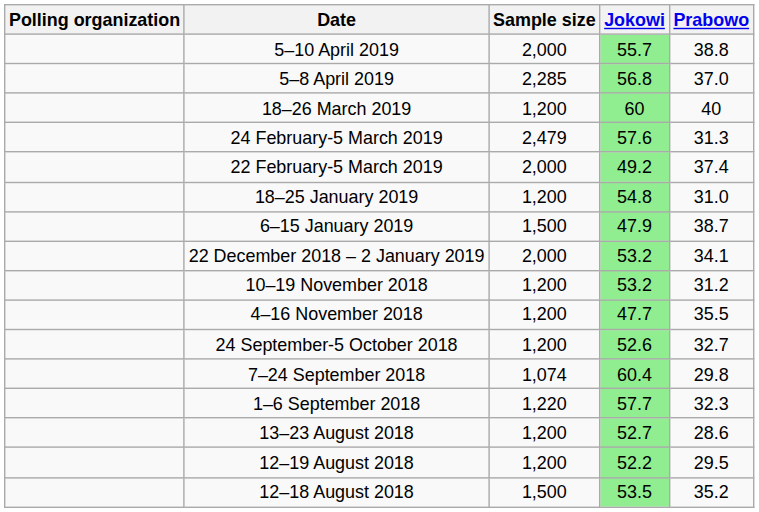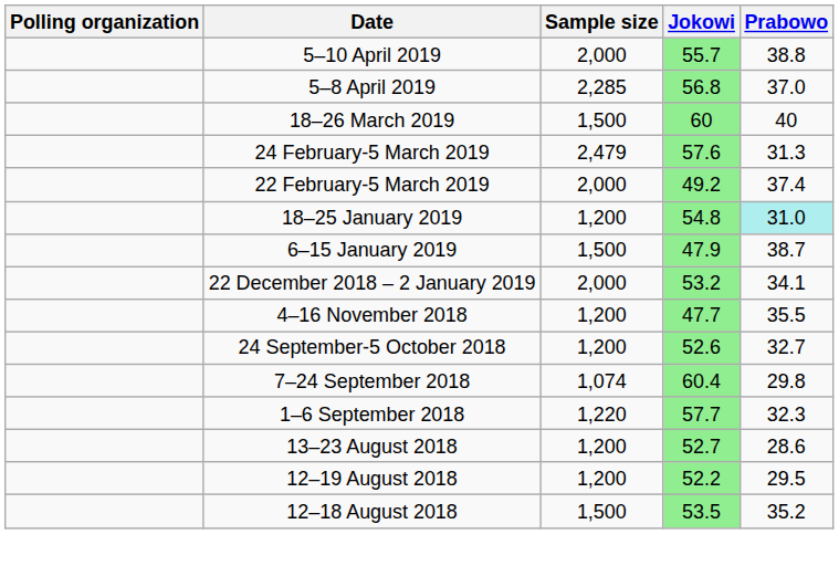 <table class="wikitable" style="text-align: center; font-size: 80%">
 <tr>
 <th>Polling organization</th>
 <th>Date</th>
 <th>Sample size</th>
 <th><a href='#'>Jokowi</a></th>
 <th><a href='#'>Prabowo</a></th>
 </tr>
 <tr>
 <td></td>
 <td>5–10 April 2019</td>
 <td>2,000</td>
 <td bgcolor="#90EE90">55.7</td>
 <td>38.8</td>
 </tr>
 <tr>
 <td></td>
 <td>5–8 April 2019</td>
 <td>2,285</td>
 <td bgcolor="#90EE90">56.8</td>
 <td>37.0</td>
 </tr>
 <tr>
 <td></td>
 <td>18–26 March 2019</td>
-<td>1,200</td>
+<td>1,500</td>
 <td bgcolor="#90EE90">60</td>
 <td>40</td>
 </tr>
 <tr>
 <td></td>
 <td>24 February-5 March 2019</td>
 <td>2,479</td>
 <td bgcolor="#90EE90">57.6</td>
 <td>31.3</td>
 </tr>
 <tr>
 <td></td>
 <td>22 February-5 March 2019</td>
 <td>2,000</td>
 <td bgcolor="#90EE90">49.2</td>
 <td>37.4</td>
 </tr>
 <tr>
 <td></td>
 <td>18–25 January 2019</td>
 <td>1,200</td>
 <td bgcolor="#90EE90">54.8</td>
-<td>31.0</td>
+<td style="background: paleturquoise;">31.0</td>
 </tr>
 <tr>
 <td></td>
 <td>6–15 January 2019</td>
 <td>1,500</td>
 <td bgcolor="#90EE90">47.9</td>
 <td>38.7</td>
 </tr>
 <tr>
 <td></td>
 <td>22 December 2018 – 2 January 2019</td>
 <td>2,000</td>
 <td bgcolor="#90EE90">53.2</td>
 <td>34.1</td>
-</tr>
-<tr>
-<td></td>
-<td>10–19 November 2018</td>
-<td>1,200</td>
-<td bgcolor="#90EE90">53.2</td>
-<td>31.2</td>
 </tr>
 <tr>
 <td></td>
 <td>4–16 November 2018</td>
 <td>1,200</td>
 <td bgcolor="#90EE90">47.7</td>
 <td>35.5</td>
 </tr>
 <tr>
 <td></td>
 <td>24 September-5 October 2018</td>
 <td>1,200</td>
 <td bgcolor="#90EE90">52.6</td>
 <td>32.7</td>
 </tr>
 <tr>
 <td></td>
 <td>7–24 September 2018</td>
 <td>1,074</td>
 <td bgcolor="#90EE90">60.4</td>
 <td>29.8</td>
 </tr>
 <tr>
 <td></td>
 <td>1–6 September 2018</td>
 <td>1,220</td>
 <td bgcolor="#90EE90">57.7</td>
 <td>32.3</td>
 </tr>
 <tr>
 <td></td>
 <td>13–23 August 2018</td>
 <td>1,200</td>
 <td bgcolor="#90EE90">52.7</td>
 <td>28.6</td>
 </tr>
 <tr>
 <td></td>
 <td>12–19 August 2018</td>
 <td>1,200</td>
 <td bgcolor="#90EE90">52.2</td>
 <td>29.5</td>
 </tr>
 <tr>
 <td></td>
 <td>12–18 August 2018</td>
 <td>1,500</td>
 <td bgcolor="#90EE90">53.5</td>
 <td>35.2</td>
 </tr>
 </table>
